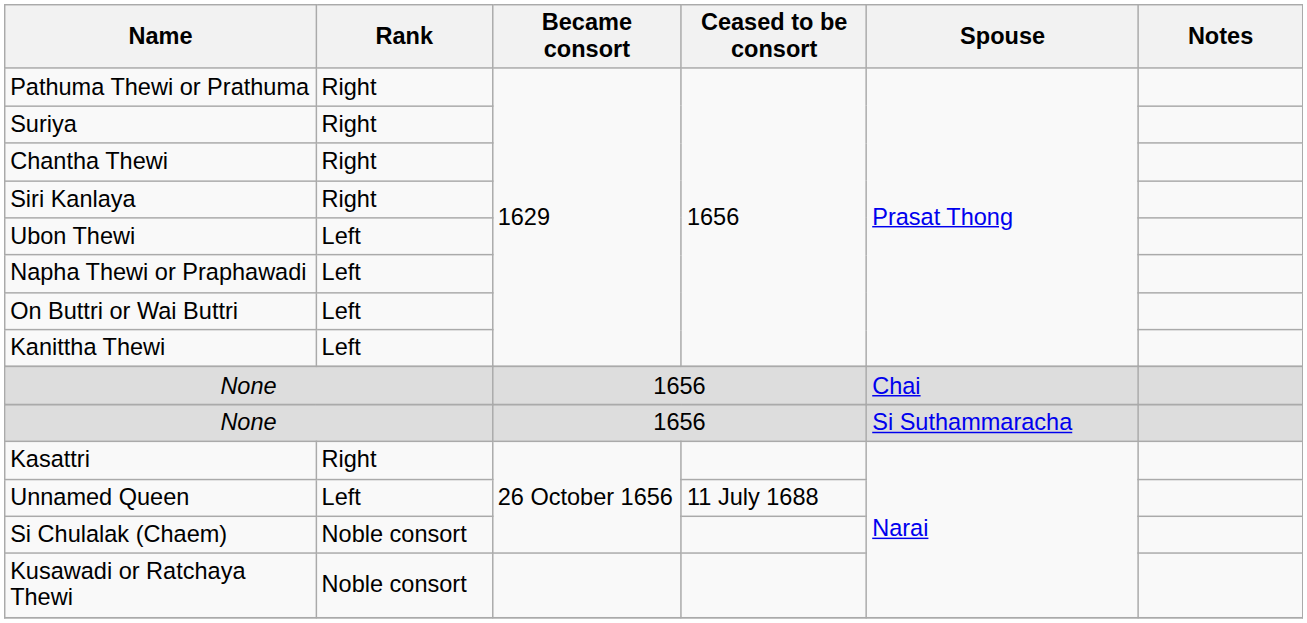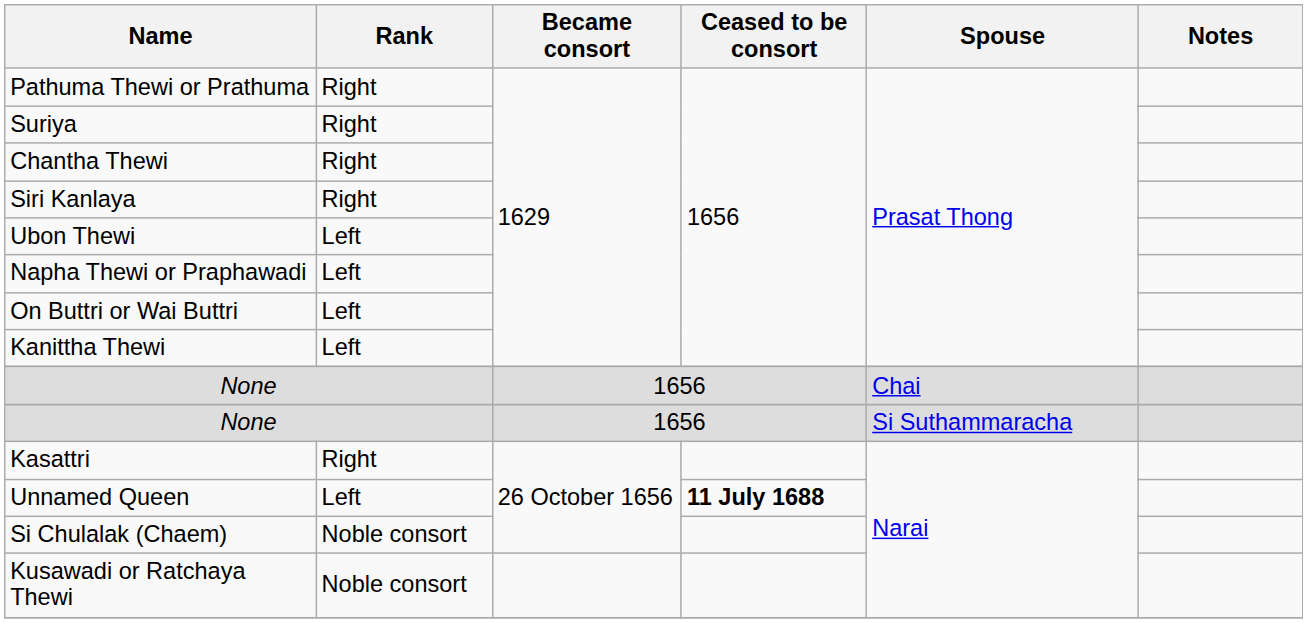 <table width=100% class="wikitable">
 <tr>
 <th width=10%>Name</th>
 <th width=5%>Rank</th>
 <th width=5%>Became consort</th>
 <th width=5%>Ceased to be consort</th>
 <th width=5%>Spouse</th>
 <th width=5%>Notes</th>
 </tr>
 <tr>
 <td>Pathuma Thewi or Prathuma</td>
 <td>Right</td>
 <td rowspan="8">1629</td>
 <td rowspan="8">1656</td>
 <td rowspan="8"><a href='#'>Prasat Thong</a></td>
 <td></td>
 </tr>
 <tr>
 <td>Suriya</td>
 <td>Right</td>
 <td></td>
 </tr>
 <tr>
 <td>Chantha Thewi</td>
 <td>Right</td>
 <td></td>
 </tr>
 <tr>
 <td>Siri Kanlaya</td>
 <td>Right</td>
 <td></td>
 </tr>
 <tr>
 <td>Ubon Thewi</td>
 <td>Left</td>
 <td></td>
 </tr>
 <tr>
 <td>Napha Thewi or Praphawadi</td>
 <td>Left</td>
 <td></td>
 </tr>
 <tr>
 <td>On Buttri or Wai Buttri</td>
 <td>Left</td>
 <td></td>
 </tr>
 <tr>
 <td>Kanittha Thewi</td>
 <td>Left</td>
 <td></td>
 </tr>
 <tr>
 </tr>
 <tr valign="top" bgcolor=dddddd>
 <td colspan="2" align="center"><em>None</em></td>
 <td colspan="2 " style="text-align:center;">1656</td>
 <td><a href='#'>Chai</a></td>
 <td></td>
 </tr>
 <tr>
 </tr>
 <tr valign="top" bgcolor=dddddd>
 <td colspan="2" align="center"><em>None</em></td>
 <td colspan="2 " style="text-align:center;">1656</td>
 <td><a href='#'>Si Suthammaracha</a></td>
 <td></td>
 </tr>
 <tr>
 <td>Kasattri</td>
 <td>Right</td>
 <td rowspan="3">26 October 1656</td>
 <td></td>
 <td rowspan="4"><a href='#'>Narai</a></td>
 <td></td>
 </tr>
 <tr>
 <td>Unnamed Queen</td>
 <td>Left</td>
-<td>11 July 1688</td>
+<td><strong>11 July 1688</strong></td>
 <td></td>
 </tr>
 <tr>
 <td>Si Chulalak (Chaem)</td>
 <td>Noble consort</td>
 <td></td>
 <td></td>
 </tr>
 <tr>
 <td>Kusawadi or Ratchaya Thewi</td>
 <td>Noble consort</td>
 <td></td>
 <td></td>
 <td></td>
 </tr>
 <tr>
 </tr>
 </table>
